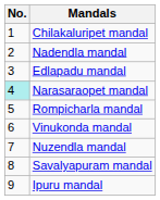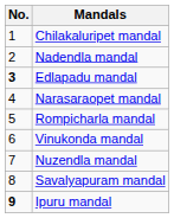 <table class="wikitable">
 <tr>
 <th>No.</th>
 <th>Mandals</th>
 </tr>
 <tr>
 <td>1</td>
 <td><a href='#'>Chilakaluripet mandal</a></td>
 </tr>
 <tr>
 <td>2</td>
 <td><a href='#'>Nadendla mandal</a></td>
 </tr>
 <tr>
-<td>3</td>
+<td><strong>3</strong></td>
 <td><a href='#'>Edlapadu mandal</a></td>
 </tr>
 <tr>
-<td style="background: paleturquoise;">4</td>
+<td>4</td>
 <td><a href='#'>Narasaraopet mandal</a></td>
 </tr>
 <tr>
 <td>5</td>
 <td><a href='#'>Rompicharla mandal</a></td>
 </tr>
 <tr>
 <td>6</td>
 <td><a href='#'>Vinukonda mandal</a></td>
 </tr>
 <tr>
 <td>7</td>
 <td><a href='#'>Nuzendla mandal</a></td>
 </tr>
 <tr>
 <td>8</td>
 <td><a href='#'>Savalyapuram mandal</a></td>
 </tr>
 <tr>
-<td>9</td>
+<td><strong>9</strong></td>
 <td><a href='#'>Ipuru mandal</a></td>
 </tr>
 </table>
